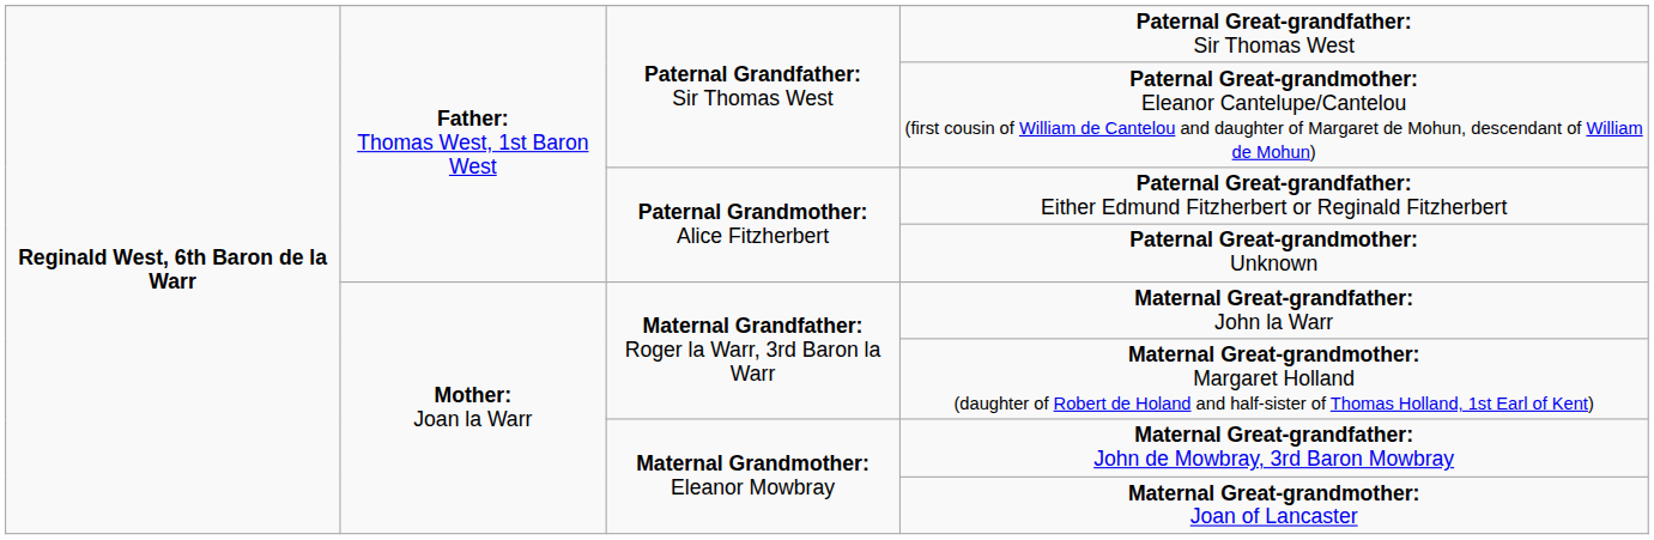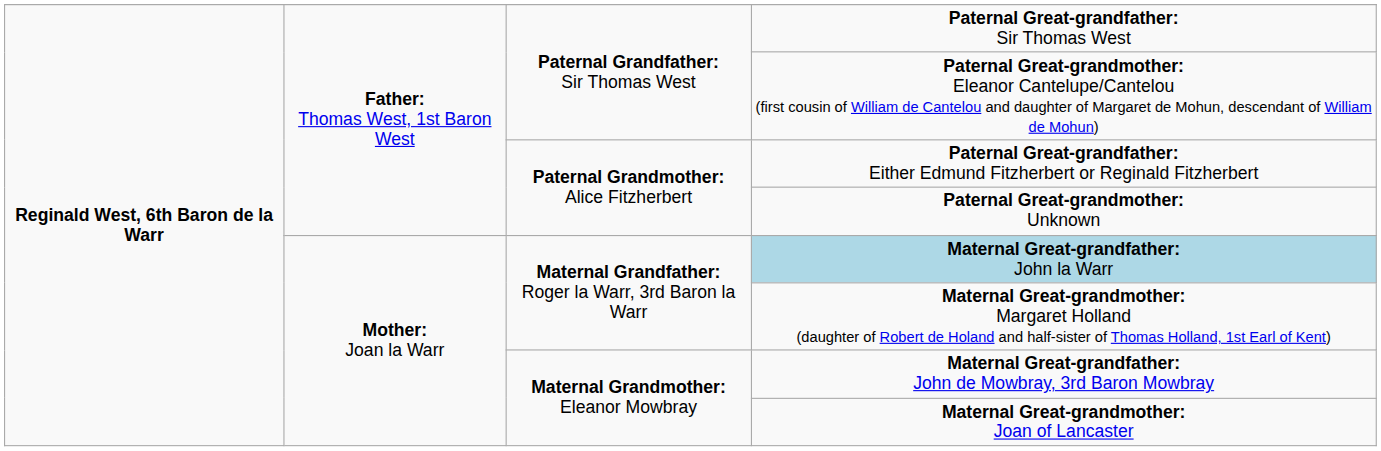 <table class="wikitable">
 <tr>
 </tr>
 <tr>
 <td rowspan="8" align="center"><strong>Reginald West, 6th Baron de la Warr</strong></td>
 <td rowspan="4" align="center"><strong>Father:</strong><br><a href='#'>Thomas West, 1st Baron West</a></td>
 <td rowspan="2" align="center"><strong>Paternal Grandfather:</strong><br>Sir Thomas West</td>
 <td align="center"><strong>Paternal Great-grandfather:</strong><br>Sir Thomas West</td>
 </tr>
 <tr>
 <td align="center"><strong>Paternal Great-grandmother:</strong><br>Eleanor Cantelupe/Cantelou<br><small>(first cousin of <a href='#'>William de Cantelou</a> and daughter of Margaret de Mohun, descendant of <a href='#'>William de Mohun</a>)</small></td>
 </tr>
 <tr>
 <td rowspan="2" align="center"><strong>Paternal Grandmother:</strong><br>Alice Fitzherbert</td>
 <td align="center"><strong>Paternal Great-grandfather:</strong><br>Either Edmund Fitzherbert or Reginald Fitzherbert</td>
 </tr>
 <tr>
 <td align="center"><strong>Paternal Great-grandmother:</strong><br>Unknown</td>
 </tr>
 <tr>
 <td rowspan="4" align="center"><strong>Mother:</strong><br>Joan la Warr</td>
 <td rowspan="2" align="center"><strong>Maternal Grandfather:</strong><br>Roger la Warr, 3rd Baron la Warr</td>
-<td align="center"><strong>Maternal Great-grandfather:</strong><br>John la Warr</td>
+<td align="center" style="background: lightblue;"><strong>Maternal Great-grandfather:</strong><br>John la Warr</td>
 </tr>
 <tr>
 <td align="center"><strong>Maternal Great-grandmother:</strong><br>Margaret Holland<br><small>(daughter of <a href='#'>Robert de Holand</a> and half-sister of <a href='#'>Thomas Holland, 1st Earl of Kent</a>)</small></td>
 </tr>
 <tr>
 <td rowspan="2" align="center"><strong>Maternal Grandmother:</strong><br>Eleanor Mowbray</td>
 <td align="center"><strong>Maternal Great-grandfather:</strong><br><a href='#'>John de Mowbray, 3rd Baron Mowbray</a></td>
 </tr>
 <tr>
 <td align="center"><strong>Maternal Great-grandmother:</strong><br><a href='#'>Joan of Lancaster</a></td>
 </tr>
 </table>
